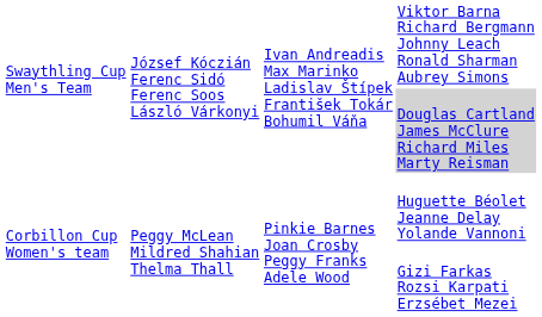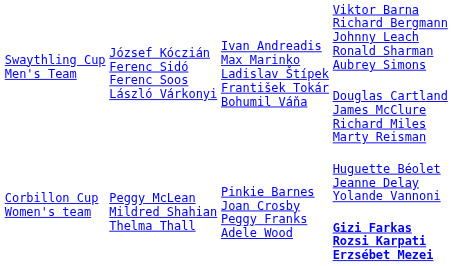 <table>
 <tr>
 <td rowspan=2><a href='#'>Swaythling Cup<br>Men's Team</a></td>
 <td rowspan=2><br><a href='#'>József Kóczián</a><br><a href='#'>Ferenc Sidó</a><br><a href='#'>Ferenc Soos</a><br><a href='#'>László Várkonyi</a></td>
 <td rowspan=2><br><a href='#'>Ivan Andreadis</a><br><a href='#'>Max Marinko</a><br><a href='#'>Ladislav Štípek</a><br><a href='#'>František Tokár</a><br><a href='#'>Bohumil Váňa</a></td>
 <td><br><a href='#'>Viktor Barna</a><br><a href='#'>Richard Bergmann</a><br><a href='#'>Johnny Leach</a><br><a href='#'>Ronald Sharman</a><br><a href='#'>Aubrey Simons</a></td>
 </tr>
 <tr>
-<td style="background: lightgrey;"><br><a href='#'>Douglas Cartland</a><br><a href='#'>James McClure</a><br><a href='#'>Richard Miles</a><br><a href='#'>Marty Reisman</a></td>
+<td><br><a href='#'>Douglas Cartland</a><br><a href='#'>James McClure</a><br><a href='#'>Richard Miles</a><br><a href='#'>Marty Reisman</a></td>
 </tr>
 <tr>
 <td rowspan=2><a href='#'>Corbillon Cup<br>Women's team</a></td>
 <td rowspan=2><br><a href='#'>Peggy McLean</a><br><a href='#'>Mildred Shahian</a><br><a href='#'>Thelma Thall</a></td>
 <td rowspan=2><br><a href='#'>Pinkie Barnes</a><br><a href='#'>Joan Crosby</a><br><a href='#'>Peggy Franks</a><br><a href='#'>Adele Wood</a></td>
 <td><br><a href='#'>Huguette Béolet</a><br><a href='#'>Jeanne Delay</a><br><a href='#'>Yolande Vannoni</a></td>
 </tr>
 <tr>
-<td><br><a href='#'>Gizi Farkas</a><br><a href='#'>Rozsi Karpati</a><br><a href='#'>Erzsébet Mezei</a></td>
+<td><strong><br><a href='#'>Gizi Farkas</a><br><a href='#'>Rozsi Karpati</a><br><a href='#'>Erzsébet Mezei</a></strong></td>
 </tr>
 </table>
